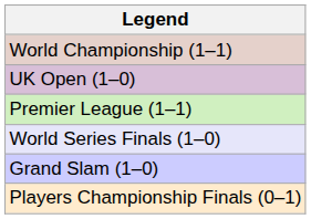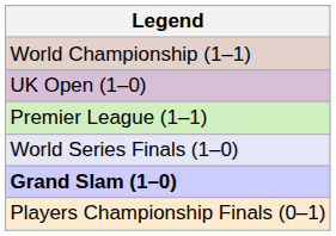 <table class="wikitable">
 <tr>
 <th>Legend</th>
 </tr>
 <tr style="background:#e5d1cb;">
 <td>World Championship (1–1)</td>
 </tr>
 <tr style="background:thistle">
 <td>UK Open (1–0)</td>
 </tr>
 <tr style="background:#d0f0c0;">
 <td>Premier League (1–1)</td>
 </tr>
 <tr>
 <td style="background: lavender;">World Series Finals (1–0)</td>
 </tr>
 <tr style="background:#CCCCFF;">
-<td>Grand Slam (1–0)</td>
+<td><strong>Grand Slam (1–0)</strong></td>
 </tr>
 <tr style="background:#ffebcd;">
 <td>Players Championship Finals (0–1)</td>
 </tr>
 </table>
